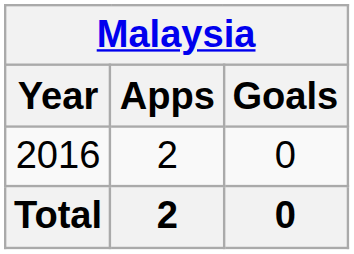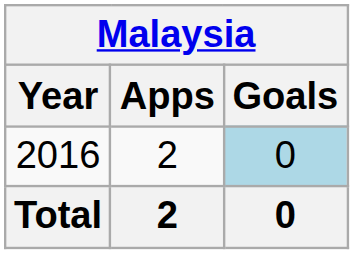 <table class="wikitable" style="text-align:center">
 <tr>
 <th colspan="3"><a href='#'>Malaysia</a></th>
 </tr>
 <tr>
 <th>Year</th>
 <th>Apps</th>
 <th>Goals</th>
 </tr>
 <tr>
 <td>2016</td>
 <td>2</td>
-<td>0</td>
+<td style="background: lightblue;">0</td>
 </tr>
 <tr>
 <th>Total</th>
 <th>2</th>
 <th>0</th>
 </tr>
 </table>
